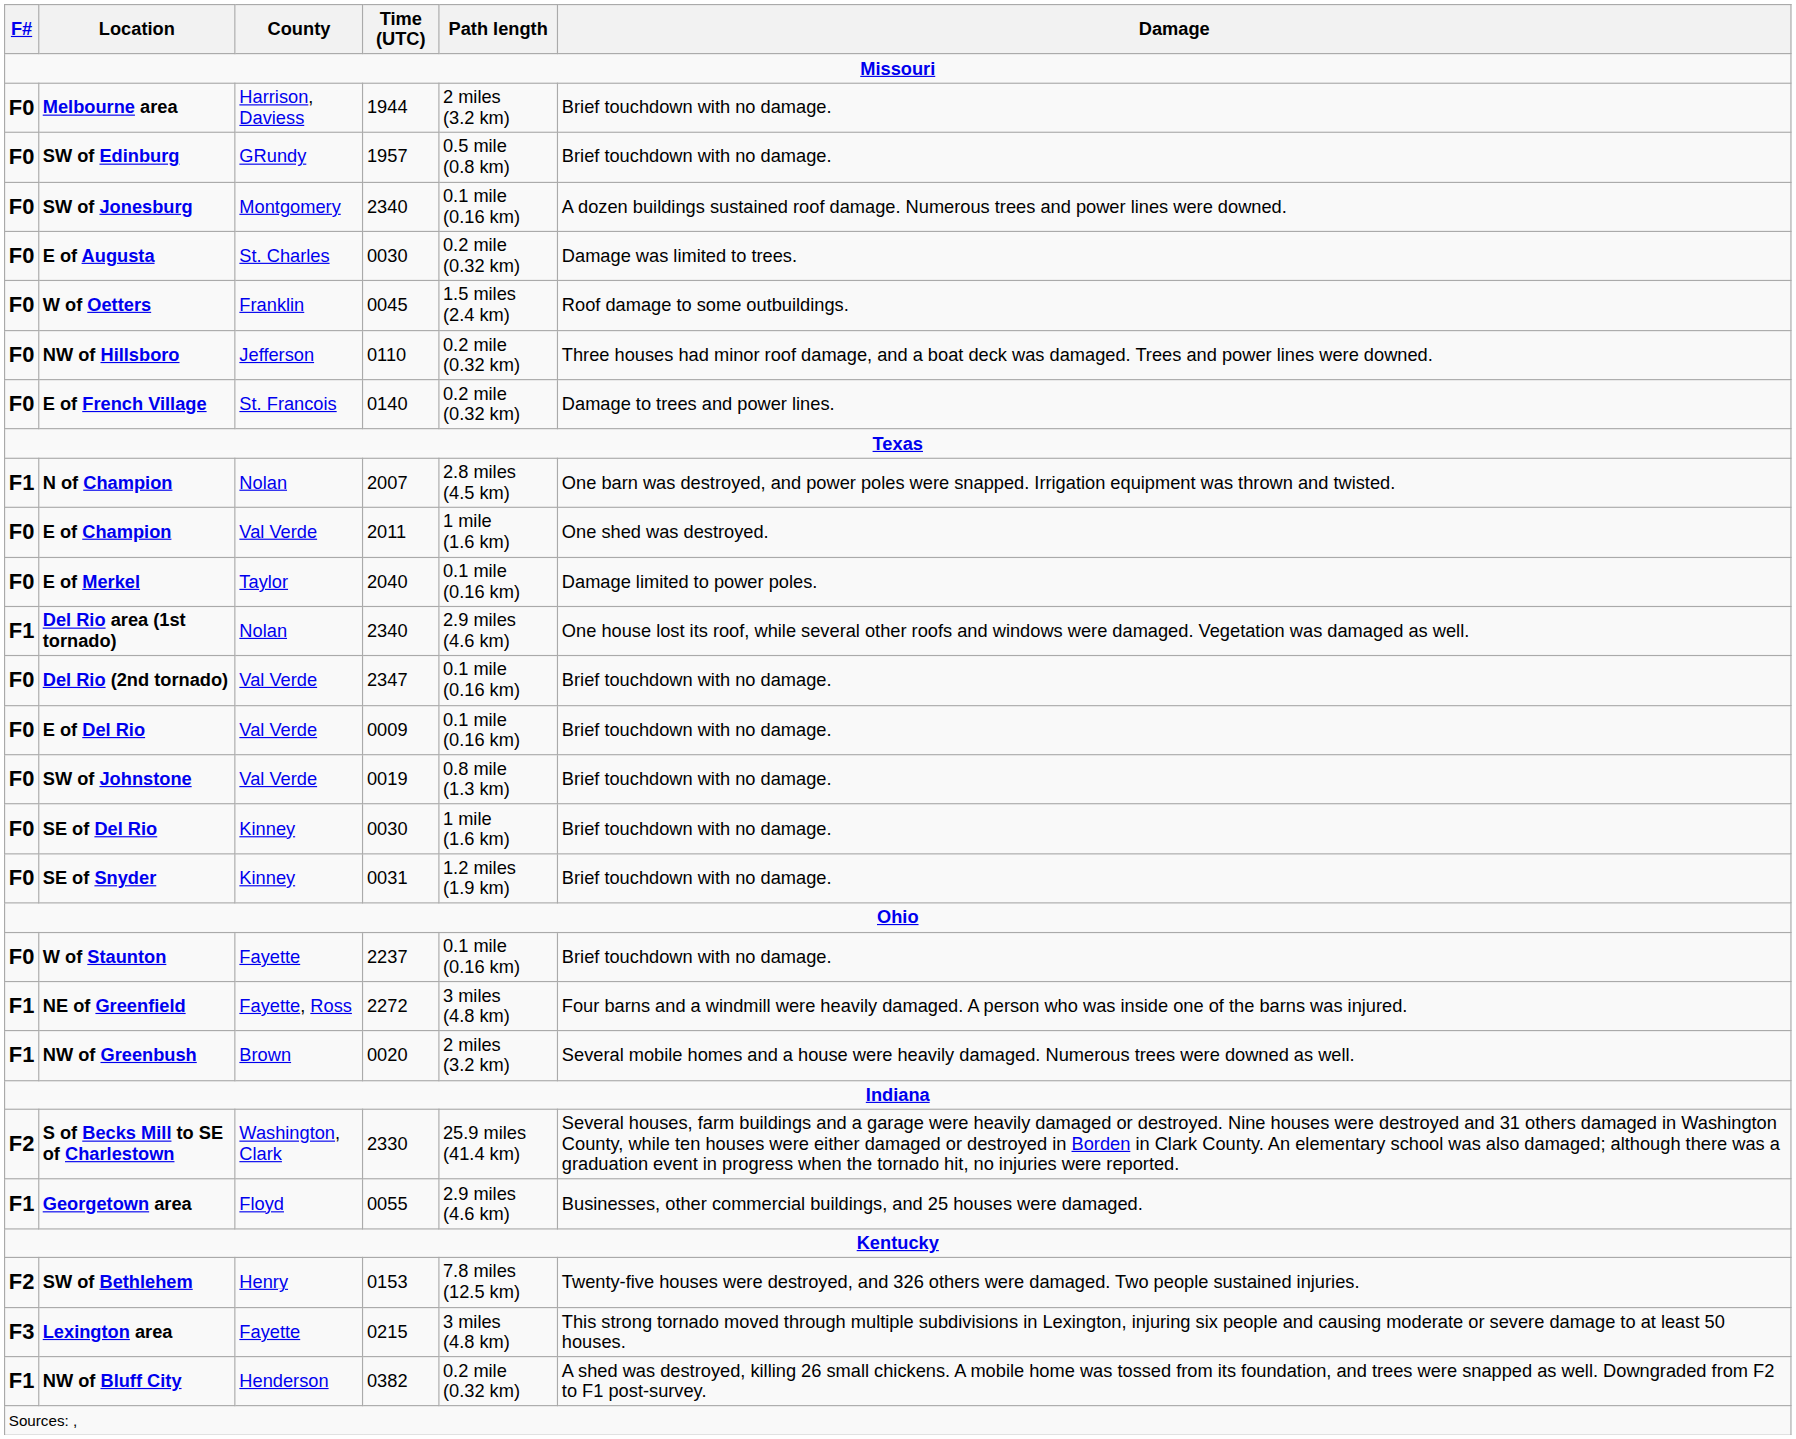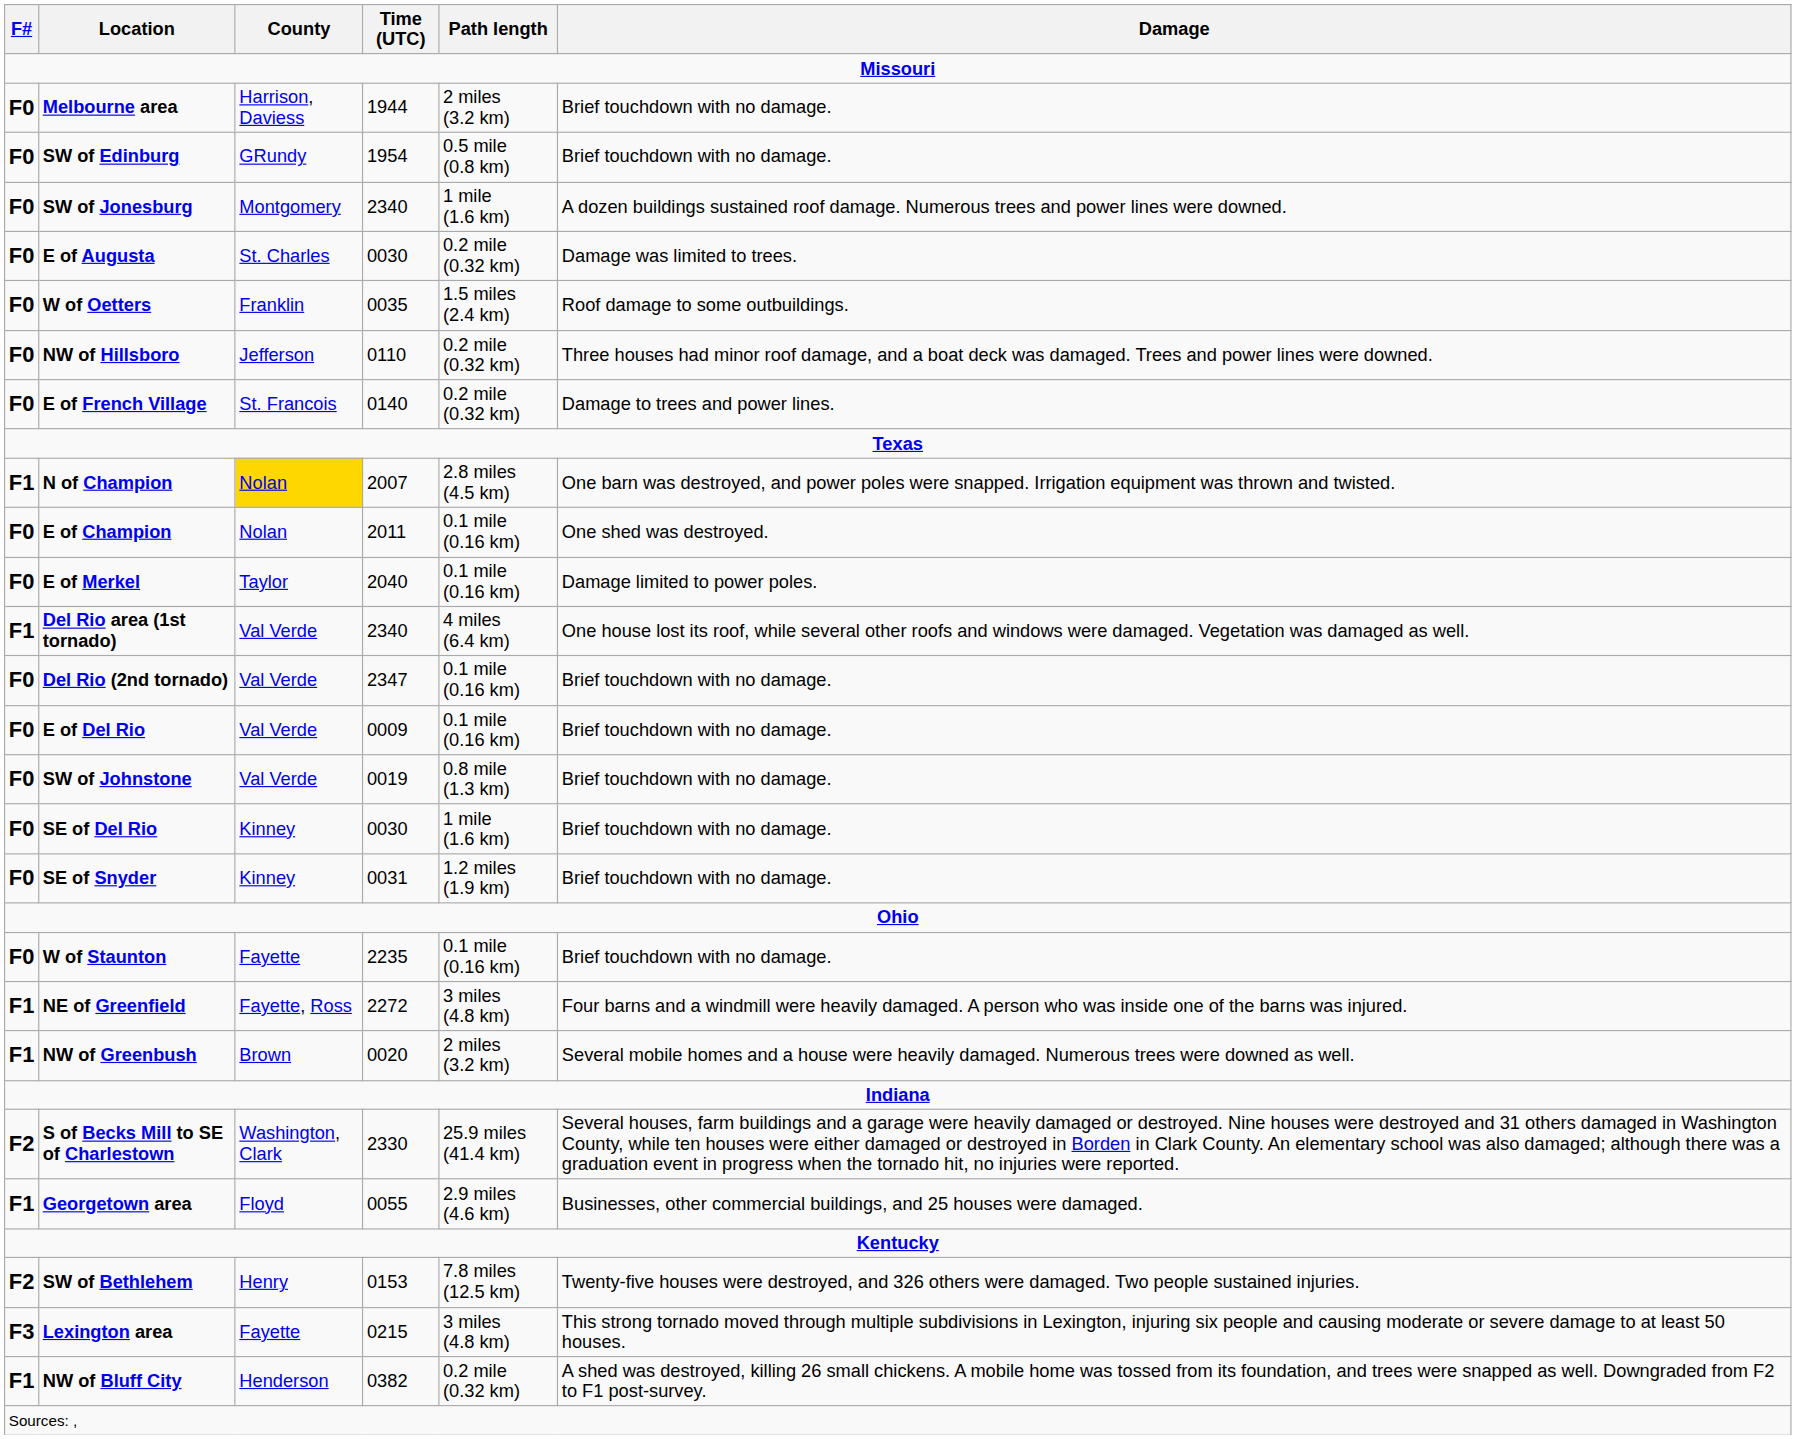 <table class="wikitable">
 <tr>
 <th><strong><a href='#'>F#</a></strong></th>
 <th><strong>Location</strong></th>
 <th><strong>County</strong></th>
 <th><strong>Time (UTC)</strong></th>
 <th><strong>Path length</strong></th>
 <th><strong>Damage</strong></th>
 </tr>
 <tr>
 <td colspan="7" align=center><strong><a href='#'>Missouri</a></strong></td>
 </tr>
 <tr>
 <td><big><strong>F0</strong></big></td>
 <td><strong><a href='#'>Melbourne</a> area</strong></td>
 <td><a href='#'>Harrison</a>, <a href='#'>Daviess</a></td>
 <td>1944</td>
 <td>2 miles (3.2 km)</td>
 <td>Brief touchdown with no damage.</td>
 </tr>
 <tr>
 <td><big><strong>F0</strong></big></td>
 <td><strong>SW of <a href='#'>Edinburg</a></strong></td>
 <td><a href='#'>GRundy</a></td>
-<td>1957</td>
+<td>1954</td>
 <td>0.5 mile (0.8 km)</td>
 <td>Brief touchdown with no damage.</td>
 </tr>
 <tr>
 <td><big><strong>F0</strong></big></td>
 <td><strong>SW of <a href='#'>Jonesburg</a></strong></td>
 <td><a href='#'>Montgomery</a></td>
 <td>2340</td>
-<td>0.1 mile (0.16 km)</td>
+<td>1 mile (1.6 km)</td>
 <td>A dozen buildings sustained roof damage. Numerous trees and power lines were downed.</td>
 </tr>
 <tr>
 <td><big><strong>F0</strong></big></td>
 <td><strong>E of <a href='#'>Augusta</a></strong></td>
 <td><a href='#'>St. Charles</a></td>
 <td>0030</td>
 <td>0.2 mile (0.32 km)</td>
 <td>Damage was limited to trees.</td>
 </tr>
 <tr>
 <td><big><strong>F0</strong></big></td>
 <td><strong>W of <a href='#'>Oetters</a></strong></td>
 <td><a href='#'>Franklin</a></td>
-<td>0045</td>
+<td>0035</td>
 <td>1.5 miles (2.4 km)</td>
 <td>Roof damage to some outbuildings.</td>
 </tr>
 <tr>
 <td><big><strong>F0</strong></big></td>
 <td><strong>NW of <a href='#'>Hillsboro</a></strong></td>
 <td><a href='#'>Jefferson</a></td>
 <td>0110</td>
 <td>0.2 mile (0.32 km)</td>
 <td>Three houses had minor roof damage, and a boat deck was damaged. Trees and power lines were downed.</td>
 </tr>
 <tr>
 <td><big><strong>F0</strong></big></td>
 <td><strong>E of <a href='#'>French Village</a></strong></td>
 <td><a href='#'>St. Francois</a></td>
 <td>0140</td>
 <td>0.2 mile (0.32 km)</td>
 <td>Damage to trees and power lines.</td>
 </tr>
 <tr>
 <td colspan="7" align=center><strong><a href='#'>Texas</a></strong></td>
 </tr>
 <tr>
 <td><big><strong>F1</strong></big></td>
 <td><strong>N of <a href='#'>Champion</a></strong></td>
-<td><a href='#'>Nolan</a></td>
+<td style="background: gold;"><a href='#'>Nolan</a></td>
 <td>2007</td>
 <td>2.8 miles (4.5 km)</td>
 <td>One barn was destroyed, and power poles were snapped. Irrigation equipment was thrown and twisted.</td>
 </tr>
 <tr>
 <td><big><strong>F0</strong></big></td>
 <td><strong>E of <a href='#'>Champion</a></strong></td>
-<td><a href='#'>Val Verde</a></td>
+<td><a href='#'>Nolan</a></td>
 <td>2011</td>
-<td>1 mile (1.6 km)</td>
+<td>0.1 mile (0.16 km)</td>
 <td>One shed was destroyed.</td>
 </tr>
 <tr>
 <td><big><strong>F0</strong></big></td>
 <td><strong>E of <a href='#'>Merkel</a></strong></td>
 <td><a href='#'>Taylor</a></td>
 <td>2040</td>
 <td>0.1 mile (0.16 km)</td>
 <td>Damage limited to power poles.</td>
 </tr>
 <tr>
 <td><big><strong>F1</strong></big></td>
 <td><strong><a href='#'>Del Rio</a> area (1st tornado)</strong></td>
-<td><a href='#'>Nolan</a></td>
+<td><a href='#'>Val Verde</a></td>
 <td>2340</td>
-<td>2.9 miles (4.6 km)</td>
+<td>4 miles (6.4 km)</td>
 <td>One house lost its roof, while several other roofs and windows were damaged. Vegetation was damaged as well.</td>
 </tr>
 <tr>
 <td><big><strong>F0</strong></big></td>
 <td><strong><a href='#'>Del Rio</a> (2nd tornado)</strong></td>
 <td><a href='#'>Val Verde</a></td>
 <td>2347</td>
 <td>0.1 mile (0.16 km)</td>
 <td>Brief touchdown with no damage.</td>
 </tr>
 <tr>
 <td><big><strong>F0</strong></big></td>
 <td><strong>E of <a href='#'>Del Rio</a></strong></td>
 <td><a href='#'>Val Verde</a></td>
 <td>0009</td>
 <td>0.1 mile (0.16 km)</td>
 <td>Brief touchdown with no damage.</td>
 </tr>
 <tr>
 <td><big><strong>F0</strong></big></td>
 <td><strong>SW of <a href='#'>Johnstone</a></strong></td>
 <td><a href='#'>Val Verde</a></td>
 <td>0019</td>
 <td>0.8 mile (1.3 km)</td>
 <td>Brief touchdown with no damage.</td>
 </tr>
 <tr>
 <td><big><strong>F0</strong></big></td>
 <td><strong>SE of <a href='#'>Del Rio</a></strong></td>
 <td><a href='#'>Kinney</a></td>
 <td>0030</td>
 <td>1 mile (1.6 km)</td>
 <td>Brief touchdown with no damage.</td>
 </tr>
 <tr>
 <td><big><strong>F0</strong></big></td>
 <td><strong>SE of <a href='#'>Snyder</a></strong></td>
 <td><a href='#'>Kinney</a></td>
 <td>0031</td>
 <td>1.2 miles (1.9 km)</td>
 <td>Brief touchdown with no damage.</td>
 </tr>
 <tr>
 <td colspan="7" align=center><strong><a href='#'>Ohio</a></strong></td>
 </tr>
 <tr>
 <td><big><strong>F0</strong></big></td>
 <td><strong>W of <a href='#'>Staunton</a></strong></td>
 <td><a href='#'>Fayette</a></td>
-<td>2237</td>
+<td>2235</td>
 <td>0.1 mile (0.16 km)</td>
 <td>Brief touchdown with no damage.</td>
 </tr>
 <tr>
 <td><big><strong>F1</strong></big></td>
 <td><strong>NE of <a href='#'>Greenfield</a></strong></td>
 <td><a href='#'>Fayette</a>, <a href='#'>Ross</a></td>
 <td>2272</td>
 <td>3 miles (4.8 km)</td>
 <td>Four barns and a windmill were heavily damaged. A person who was inside one of the barns was injured.</td>
 </tr>
 <tr>
 <td><big><strong>F1</strong></big></td>
 <td><strong>NW of <a href='#'>Greenbush</a></strong></td>
 <td><a href='#'>Brown</a></td>
 <td>0020</td>
 <td>2 miles (3.2 km)</td>
 <td>Several mobile homes and a house were heavily damaged. Numerous trees were downed as well.</td>
 </tr>
 <tr>
 <td colspan="7" align=center><strong><a href='#'>Indiana</a></strong></td>
 </tr>
 <tr>
 <td><big><strong>F2</strong></big></td>
 <td><strong>S of <a href='#'>Becks Mill</a> to SE of <a href='#'>Charlestown</a></strong></td>
 <td><a href='#'>Washington</a>, <a href='#'>Clark</a></td>
 <td>2330</td>
 <td>25.9 miles (41.4 km)</td>
 <td>Several houses, farm buildings and a garage were heavily damaged or destroyed. Nine houses were destroyed and 31 others damaged in Washington County, while ten houses were either damaged or destroyed in <a href='#'>Borden</a> in Clark County. An elementary school was also damaged; although there was a graduation event in progress when the tornado hit, no injuries were reported.</td>
 </tr>
 <tr>
 <td><big><strong>F1</strong></big></td>
 <td><strong><a href='#'>Georgetown</a> area</strong></td>
 <td><a href='#'>Floyd</a></td>
 <td>0055</td>
 <td>2.9 miles (4.6 km)</td>
 <td>Businesses, other commercial buildings, and 25 houses were damaged.</td>
 </tr>
 <tr>
 <td colspan="7" align=center><strong><a href='#'>Kentucky</a></strong></td>
 </tr>
 <tr>
 <td><big><strong>F2</strong></big></td>
 <td><strong>SW of <a href='#'>Bethlehem</a></strong></td>
 <td><a href='#'>Henry</a></td>
 <td>0153</td>
 <td>7.8 miles (12.5 km)</td>
 <td>Twenty-five houses were destroyed, and 326 others were damaged. Two people sustained injuries.</td>
 </tr>
 <tr>
 <td><big><strong>F3</strong></big></td>
 <td><strong><a href='#'>Lexington</a> area</strong></td>
 <td><a href='#'>Fayette</a></td>
 <td>0215</td>
 <td>3 miles (4.8 km)</td>
 <td>This strong tornado moved through multiple subdivisions in Lexington, injuring six people and causing moderate or severe damage to at least 50 houses.</td>
 </tr>
 <tr>
 <td><big><strong>F1</strong></big></td>
 <td><strong>NW of <a href='#'>Bluff City</a></strong></td>
 <td><a href='#'>Henderson</a></td>
 <td>0382</td>
 <td>0.2 mile (0.32 km)</td>
 <td>A shed was destroyed, killing 26 small chickens. A mobile home was tossed from its foundation, and trees were snapped as well. Downgraded from F2 to F1 post-survey.</td>
 </tr>
 <tr>
 <td colspan="7"><small>Sources: , </small></td>
 </tr>
 </table>
